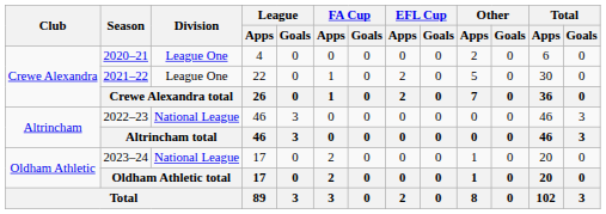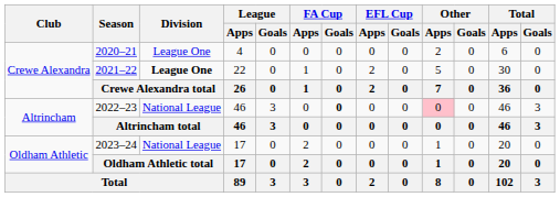 <table class="wikitable" style="text-align: center;">
 <tr>
 <th rowspan="2">Club</th>
 <th rowspan="2">Season</th>
 <th rowspan="2">Division</th>
 <th colspan="2">League</th>
 <th colspan="2"><a href='#'>FA Cup</a></th>
 <th colspan="2"><a href='#'>EFL Cup</a></th>
 <th colspan="2">Other</th>
 <th colspan="2">Total</th>
 </tr>
 <tr>
 <th>Apps</th>
 <th>Goals</th>
 <th>Apps</th>
 <th>Goals</th>
 <th>Apps</th>
 <th>Goals</th>
 <th>Apps</th>
 <th>Goals</th>
 <th>Apps</th>
 <th>Goals</th>
 </tr>
 <tr>
 <td rowspan="3"><a href='#'>Crewe Alexandra</a></td>
 <td><a href='#'>2020–21</a></td>
 <td><a href='#'>League One</a></td>
 <td>4</td>
 <td>0</td>
 <td>0</td>
 <td>0</td>
 <td>0</td>
 <td>0</td>
 <td>2</td>
 <td>0</td>
 <td>6</td>
 <td>0</td>
 </tr>
 <tr>
 <td><a href='#'>2021–22</a></td>
-<td>League One</td>
+<td><strong>League One</strong></td>
 <td>22</td>
 <td>0</td>
 <td>1</td>
 <td>0</td>
 <td>2</td>
 <td>0</td>
 <td>5</td>
 <td>0</td>
 <td>30</td>
 <td>0</td>
 </tr>
 <tr>
 <th colspan="2">Crewe Alexandra total</th>
 <th>26</th>
 <th>0</th>
 <th>1</th>
 <th>0</th>
 <th>2</th>
 <th>0</th>
 <th>7</th>
 <th>0</th>
 <th>36</th>
 <th>0</th>
 </tr>
 <tr>
 <td rowspan="2"><a href='#'>Altrincham</a></td>
 <td>2022–23</td>
 <td><a href='#'>National League</a></td>
 <td>46</td>
 <td>3</td>
 <td>0</td>
+<td><strong>0</strong></td>
 <td>0</td>
 <td>0</td>
-<td>0</td>
-<td>0</td>
+<td style="background: pink;">0</td>
 <td>0</td>
 <td>46</td>
 <td>3</td>
 </tr>
 <tr>
 <th colspan="2">Altrincham total</th>
 <th>46</th>
 <th>3</th>
 <th>0</th>
 <th>0</th>
 <th>0</th>
 <th>0</th>
 <th>0</th>
 <th>0</th>
 <th>46</th>
 <th>3</th>
 </tr>
 <tr>
 <td rowspan="2"><a href='#'>Oldham Athletic</a></td>
 <td>2023–24</td>
 <td><a href='#'>National League</a></td>
 <td>17</td>
 <td>0</td>
 <td>2</td>
 <td>0</td>
 <td>0</td>
 <td>0</td>
 <td>1</td>
 <td>0</td>
 <td>20</td>
 <td>0</td>
 </tr>
 <tr>
 <th colspan="2">Oldham Athletic total</th>
 <th>17</th>
 <th>0</th>
 <th>2</th>
 <th>0</th>
 <th>0</th>
 <th>0</th>
 <th>1</th>
 <th>0</th>
 <th>20</th>
 <th>0</th>
 </tr>
 <tr>
 <th colspan="3">Total</th>
 <th>89</th>
 <th>3</th>
 <th>3</th>
 <th>0</th>
 <th>2</th>
 <th>0</th>
 <th>8</th>
 <th>0</th>
 <th>102</th>
 <th>3</th>
 </tr>
 </table>
